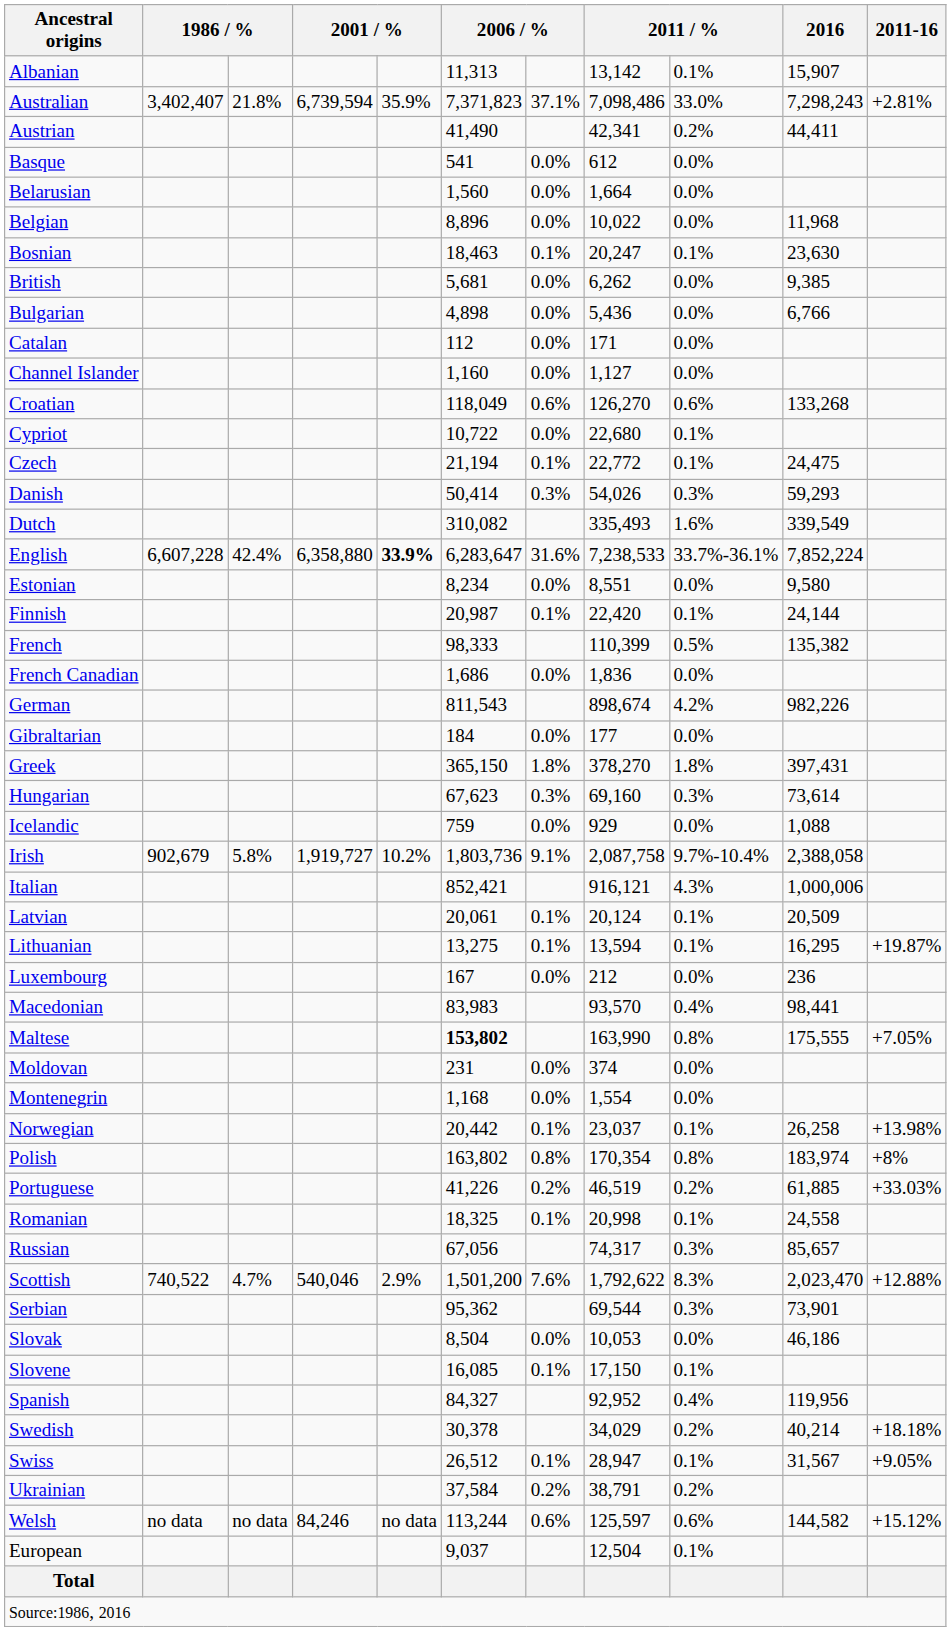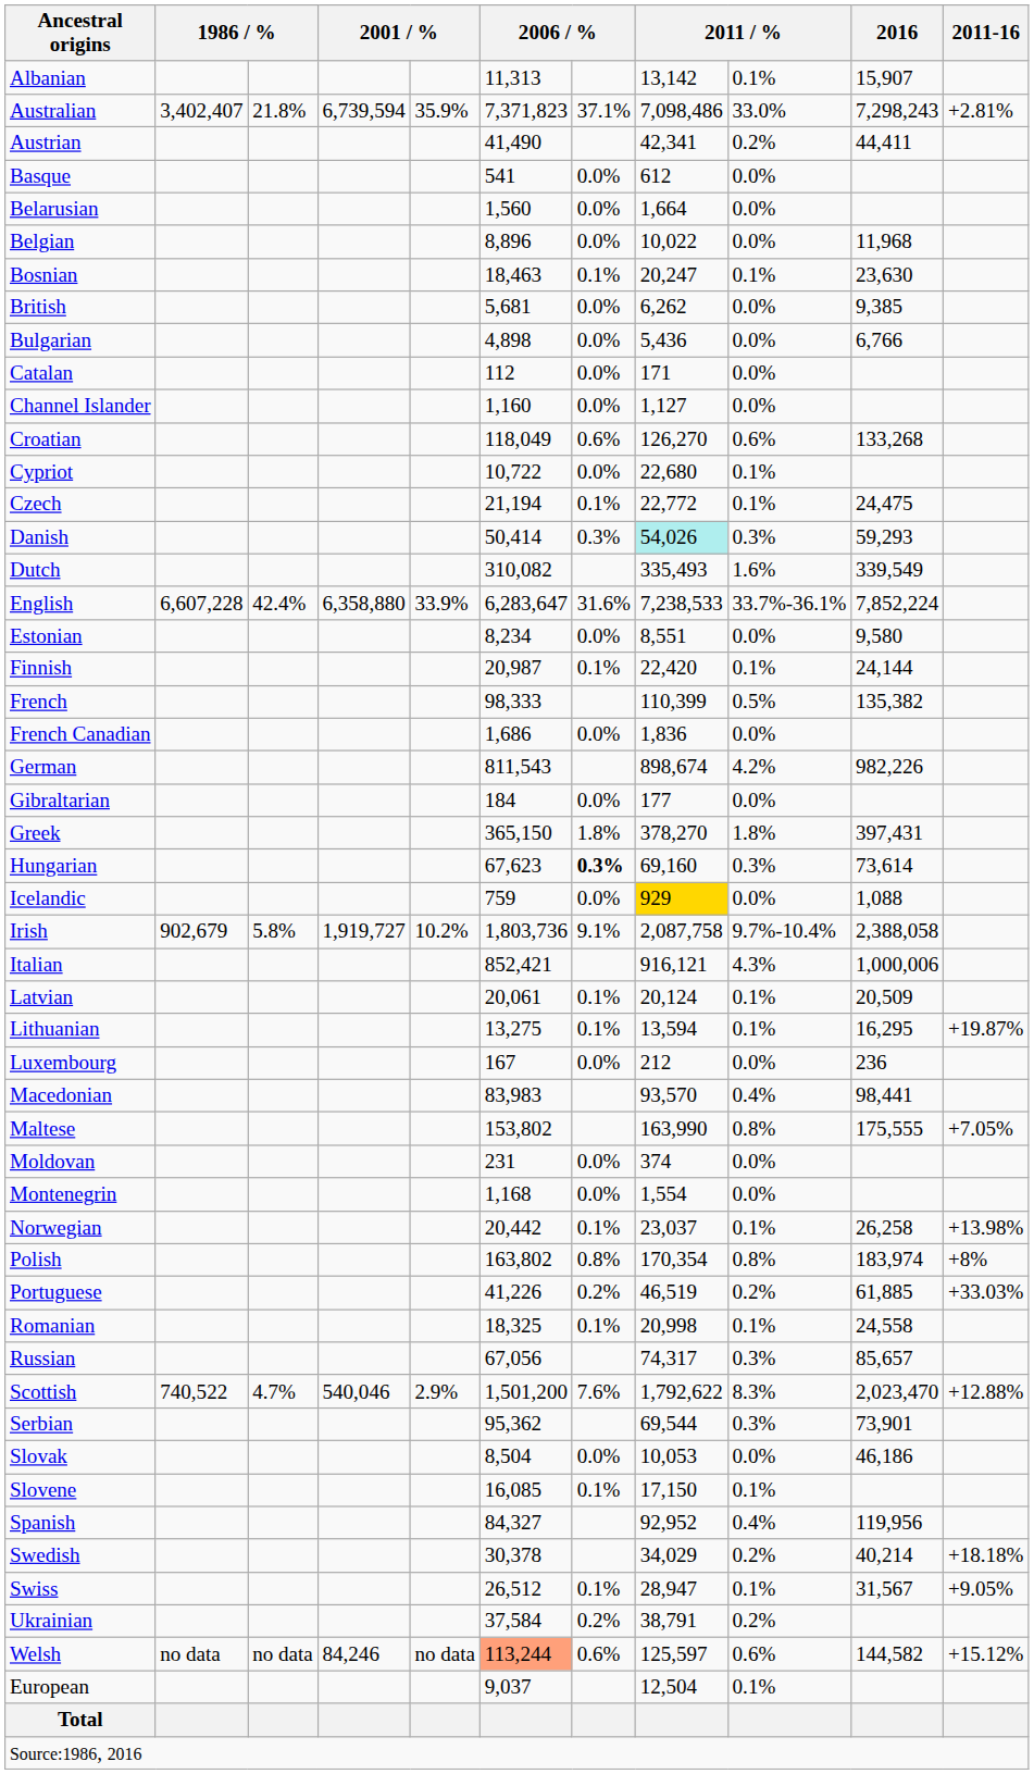 <table class="wikitable sortable" font-size:90%;">
 <tr>
 <th>Ancestral <br>origins</th>
 <th colspan="2">1986 / %</th>
 <th colspan="2">2001 / %</th>
 <th colspan="2">2006 / %</th>
 <th colspan="2">2011 / %</th>
 <th colspan="1">2016</th>
 <th change>2011-16</th>
 </tr>
 <tr>
 <td> <a href='#'>Albanian</a></td>
 <td></td>
 <td></td>
 <td></td>
 <td></td>
 <td>11,313</td>
 <td></td>
 <td>13,142</td>
 <td>0.1%</td>
 <td>15,907</td>
 <td></td>
 </tr>
 <tr>
 <td> <a href='#'>Australian</a></td>
 <td>3,402,407</td>
 <td>21.8%</td>
 <td>6,739,594</td>
 <td>35.9%</td>
 <td>7,371,823</td>
 <td>37.1%</td>
 <td>7,098,486</td>
 <td>33.0%</td>
 <td>7,298,243</td>
 <td>+2.81%</td>
 </tr>
 <tr>
 <td> <a href='#'>Austrian</a></td>
 <td></td>
 <td></td>
 <td></td>
 <td></td>
 <td>41,490</td>
 <td></td>
 <td>42,341</td>
 <td>0.2%</td>
 <td>44,411</td>
 <td></td>
 </tr>
 <tr>
 <td> <a href='#'>Basque</a></td>
 <td></td>
 <td></td>
 <td></td>
 <td></td>
 <td>541</td>
 <td>0.0%</td>
 <td>612</td>
 <td>0.0%</td>
 <td></td>
 <td></td>
 </tr>
 <tr>
 <td> <a href='#'>Belarusian</a></td>
 <td></td>
 <td></td>
 <td></td>
 <td></td>
 <td>1,560</td>
 <td>0.0%</td>
 <td>1,664</td>
 <td>0.0%</td>
 <td></td>
 <td></td>
 </tr>
 <tr>
 <td> <a href='#'>Belgian</a></td>
 <td></td>
 <td></td>
 <td></td>
 <td></td>
 <td>8,896</td>
 <td>0.0%</td>
 <td>10,022</td>
 <td>0.0%</td>
 <td>11,968</td>
 <td></td>
 </tr>
 <tr>
 <td> <a href='#'>Bosnian</a></td>
 <td></td>
 <td></td>
 <td></td>
 <td></td>
 <td>18,463</td>
 <td>0.1%</td>
 <td>20,247</td>
 <td>0.1%</td>
 <td>23,630</td>
 <td></td>
 </tr>
 <tr>
 <td> <a href='#'>British</a></td>
 <td></td>
 <td></td>
 <td></td>
 <td></td>
 <td>5,681</td>
 <td>0.0%</td>
 <td>6,262</td>
 <td>0.0%</td>
 <td>9,385</td>
 <td></td>
 </tr>
 <tr>
 <td> <a href='#'>Bulgarian</a></td>
 <td></td>
 <td></td>
 <td></td>
 <td></td>
 <td>4,898</td>
 <td>0.0%</td>
 <td>5,436</td>
 <td>0.0%</td>
 <td>6,766</td>
 <td></td>
 </tr>
 <tr>
 <td> <a href='#'>Catalan</a></td>
 <td></td>
 <td></td>
 <td></td>
 <td></td>
 <td>112</td>
 <td>0.0%</td>
 <td>171</td>
 <td>0.0%</td>
 <td></td>
 <td></td>
 </tr>
 <tr>
 <td> <a href='#'>Channel Islander</a></td>
 <td></td>
 <td></td>
 <td></td>
 <td></td>
 <td>1,160</td>
 <td>0.0%</td>
 <td>1,127</td>
 <td>0.0%</td>
 <td></td>
 <td></td>
 </tr>
 <tr>
 <td> <a href='#'>Croatian</a></td>
 <td></td>
 <td></td>
 <td></td>
 <td></td>
 <td>118,049</td>
 <td>0.6%</td>
 <td>126,270</td>
 <td>0.6%</td>
 <td>133,268</td>
 <td></td>
 </tr>
 <tr>
 <td> <a href='#'>Cypriot</a></td>
 <td></td>
 <td></td>
 <td></td>
 <td></td>
 <td>10,722</td>
 <td>0.0%</td>
 <td>22,680</td>
 <td>0.1%</td>
 <td></td>
 <td></td>
 </tr>
 <tr>
 <td> <a href='#'>Czech</a></td>
 <td></td>
 <td></td>
 <td></td>
 <td></td>
 <td>21,194</td>
 <td>0.1%</td>
 <td>22,772</td>
 <td>0.1%</td>
 <td>24,475</td>
 <td></td>
 </tr>
 <tr>
 <td> <a href='#'>Danish</a></td>
 <td></td>
 <td></td>
 <td></td>
 <td></td>
 <td>50,414</td>
 <td>0.3%</td>
-<td>54,026</td>
+<td style="background: paleturquoise;">54,026</td>
 <td>0.3%</td>
 <td>59,293</td>
 <td></td>
 </tr>
 <tr>
 <td> <a href='#'>Dutch</a></td>
 <td></td>
 <td></td>
 <td></td>
 <td></td>
 <td>310,082</td>
 <td></td>
 <td>335,493</td>
 <td>1.6%</td>
 <td>339,549</td>
 <td></td>
 </tr>
 <tr>
 <td> <a href='#'>English</a></td>
 <td>6,607,228</td>
 <td>42.4%</td>
 <td>6,358,880</td>
-<td><strong>33.9%</strong></td>
+<td>33.9%</td>
 <td>6,283,647</td>
 <td>31.6%</td>
 <td>7,238,533</td>
 <td>33.7%-36.1%</td>
 <td>7,852,224</td>
 <td></td>
 </tr>
 <tr>
 <td> <a href='#'>Estonian</a></td>
 <td></td>
 <td></td>
 <td></td>
 <td></td>
 <td>8,234</td>
 <td>0.0%</td>
 <td>8,551</td>
 <td>0.0%</td>
 <td>9,580</td>
 <td></td>
 </tr>
 <tr>
 <td> <a href='#'>Finnish</a></td>
 <td></td>
 <td></td>
 <td></td>
 <td></td>
 <td>20,987</td>
 <td>0.1%</td>
 <td>22,420</td>
 <td>0.1%</td>
 <td>24,144</td>
 <td></td>
 </tr>
 <tr>
 <td> <a href='#'>French</a></td>
 <td></td>
 <td></td>
 <td></td>
 <td></td>
 <td>98,333</td>
 <td></td>
 <td>110,399</td>
 <td>0.5%</td>
 <td>135,382</td>
 <td></td>
 </tr>
 <tr>
 <td> <a href='#'>French Canadian</a></td>
 <td></td>
 <td></td>
 <td></td>
 <td></td>
 <td>1,686</td>
 <td>0.0%</td>
 <td>1,836</td>
 <td>0.0%</td>
 <td></td>
 <td></td>
 </tr>
 <tr>
 <td> <a href='#'>German</a></td>
 <td></td>
 <td></td>
 <td></td>
 <td></td>
 <td>811,543</td>
 <td></td>
 <td>898,674</td>
 <td>4.2%</td>
 <td>982,226</td>
 <td></td>
 </tr>
 <tr>
 <td> <a href='#'>Gibraltarian</a></td>
 <td></td>
 <td></td>
 <td></td>
 <td></td>
 <td>184</td>
 <td>0.0%</td>
 <td>177</td>
 <td>0.0%</td>
 <td></td>
 <td></td>
 </tr>
 <tr>
 <td> <a href='#'>Greek</a></td>
 <td></td>
 <td></td>
 <td></td>
 <td></td>
 <td>365,150</td>
 <td>1.8%</td>
 <td>378,270</td>
 <td>1.8%</td>
 <td>397,431</td>
 <td></td>
 </tr>
 <tr>
 <td> <a href='#'>Hungarian</a></td>
 <td></td>
 <td></td>
 <td></td>
 <td></td>
 <td>67,623</td>
-<td>0.3%</td>
+<td><strong>0.3%</strong></td>
 <td>69,160</td>
 <td>0.3%</td>
 <td>73,614</td>
 <td></td>
 </tr>
 <tr>
 <td> <a href='#'>Icelandic</a></td>
 <td></td>
 <td></td>
 <td></td>
 <td></td>
 <td>759</td>
 <td>0.0%</td>
-<td>929</td>
+<td style="background: gold;">929</td>
 <td>0.0%</td>
 <td>1,088</td>
 <td></td>
 </tr>
 <tr>
 <td> <a href='#'>Irish</a></td>
 <td>902,679</td>
 <td>5.8%</td>
 <td>1,919,727</td>
 <td>10.2%</td>
 <td>1,803,736</td>
 <td>9.1%</td>
 <td>2,087,758</td>
 <td>9.7%-10.4%</td>
 <td>2,388,058</td>
 <td></td>
 </tr>
 <tr>
 <td> <a href='#'>Italian</a></td>
 <td></td>
 <td></td>
 <td></td>
 <td></td>
 <td>852,421</td>
 <td></td>
 <td>916,121</td>
 <td>4.3%</td>
 <td>1,000,006</td>
 <td></td>
 </tr>
 <tr>
 <td> <a href='#'>Latvian</a></td>
 <td></td>
 <td></td>
 <td></td>
 <td></td>
 <td>20,061</td>
 <td>0.1%</td>
 <td>20,124</td>
 <td>0.1%</td>
 <td>20,509</td>
 <td></td>
 </tr>
 <tr>
 <td> <a href='#'>Lithuanian</a></td>
 <td></td>
 <td></td>
 <td></td>
 <td></td>
 <td>13,275</td>
 <td>0.1%</td>
 <td>13,594</td>
 <td>0.1%</td>
 <td>16,295</td>
 <td>+19.87%</td>
 </tr>
 <tr>
 <td> <a href='#'>Luxembourg</a></td>
 <td></td>
 <td></td>
 <td></td>
 <td></td>
 <td>167</td>
 <td>0.0%</td>
 <td>212</td>
 <td>0.0%</td>
 <td>236</td>
 <td></td>
 </tr>
 <tr>
 <td> <a href='#'>Macedonian</a></td>
 <td></td>
 <td></td>
 <td></td>
 <td></td>
 <td>83,983</td>
 <td></td>
 <td>93,570</td>
 <td>0.4%</td>
 <td>98,441</td>
 <td></td>
 </tr>
 <tr>
 <td> <a href='#'>Maltese</a></td>
 <td></td>
 <td></td>
 <td></td>
 <td></td>
-<td><strong>153,802</strong></td>
+<td>153,802</td>
 <td></td>
 <td>163,990</td>
 <td>0.8%</td>
 <td>175,555</td>
 <td>+7.05%</td>
 </tr>
 <tr>
 <td> <a href='#'>Moldovan</a></td>
 <td></td>
 <td></td>
 <td></td>
 <td></td>
 <td>231</td>
 <td>0.0%</td>
 <td>374</td>
 <td>0.0%</td>
 <td></td>
 <td></td>
 </tr>
 <tr>
 <td> <a href='#'>Montenegrin</a></td>
 <td></td>
 <td></td>
 <td></td>
 <td></td>
 <td>1,168</td>
 <td>0.0%</td>
 <td>1,554</td>
 <td>0.0%</td>
 <td></td>
 <td></td>
 </tr>
 <tr>
 <td> <a href='#'>Norwegian</a></td>
 <td></td>
 <td></td>
 <td></td>
 <td></td>
 <td>20,442</td>
 <td>0.1%</td>
 <td>23,037</td>
 <td>0.1%</td>
 <td>26,258</td>
 <td>+13.98%</td>
 </tr>
 <tr>
 <td> <a href='#'>Polish</a></td>
 <td></td>
 <td></td>
 <td></td>
 <td></td>
 <td>163,802</td>
 <td>0.8%</td>
 <td>170,354</td>
 <td>0.8%</td>
 <td>183,974</td>
 <td>+8%</td>
 </tr>
 <tr>
 <td> <a href='#'>Portuguese</a></td>
 <td></td>
 <td></td>
 <td></td>
 <td></td>
 <td>41,226</td>
 <td>0.2%</td>
 <td>46,519</td>
 <td>0.2%</td>
 <td>61,885</td>
 <td>+33.03%</td>
 </tr>
 <tr>
 <td> <a href='#'>Romanian</a></td>
 <td></td>
 <td></td>
 <td></td>
 <td></td>
 <td>18,325</td>
 <td>0.1%</td>
 <td>20,998</td>
 <td>0.1%</td>
 <td>24,558</td>
 <td></td>
 </tr>
 <tr>
 <td> <a href='#'>Russian</a></td>
 <td></td>
 <td></td>
 <td></td>
 <td></td>
 <td>67,056</td>
 <td></td>
 <td>74,317</td>
 <td>0.3%</td>
 <td>85,657</td>
 <td></td>
 </tr>
 <tr>
 <td> <a href='#'>Scottish</a></td>
 <td>740,522</td>
 <td>4.7%</td>
 <td>540,046</td>
 <td>2.9%</td>
 <td>1,501,200</td>
 <td>7.6%</td>
 <td>1,792,622</td>
 <td>8.3%</td>
 <td>2,023,470</td>
 <td>+12.88%</td>
 </tr>
 <tr>
 <td> <a href='#'>Serbian</a></td>
 <td></td>
 <td></td>
 <td></td>
 <td></td>
 <td>95,362</td>
 <td></td>
 <td>69,544</td>
 <td>0.3%</td>
 <td>73,901</td>
 <td></td>
 </tr>
 <tr>
 <td> <a href='#'>Slovak</a></td>
 <td></td>
 <td></td>
 <td></td>
 <td></td>
 <td>8,504</td>
 <td>0.0%</td>
 <td>10,053</td>
 <td>0.0%</td>
 <td>46,186</td>
 <td></td>
 </tr>
 <tr>
 <td> <a href='#'>Slovene</a></td>
 <td></td>
 <td></td>
 <td></td>
 <td></td>
 <td>16,085</td>
 <td>0.1%</td>
 <td>17,150</td>
 <td>0.1%</td>
 <td></td>
 <td></td>
 </tr>
 <tr>
 <td> <a href='#'>Spanish</a></td>
 <td></td>
 <td></td>
 <td></td>
 <td></td>
 <td>84,327</td>
 <td></td>
 <td>92,952</td>
 <td>0.4%</td>
 <td>119,956</td>
 <td></td>
 </tr>
 <tr>
 <td> <a href='#'>Swedish</a></td>
 <td></td>
 <td></td>
 <td></td>
 <td></td>
 <td>30,378</td>
 <td></td>
 <td>34,029</td>
 <td>0.2%</td>
 <td>40,214</td>
 <td>+18.18%</td>
 </tr>
 <tr>
 <td> <a href='#'>Swiss</a></td>
 <td></td>
 <td></td>
 <td></td>
 <td></td>
 <td>26,512</td>
 <td>0.1%</td>
 <td>28,947</td>
 <td>0.1%</td>
 <td>31,567</td>
 <td>+9.05%</td>
 </tr>
 <tr>
 <td> <a href='#'>Ukrainian</a></td>
 <td></td>
 <td></td>
 <td></td>
 <td></td>
 <td>37,584</td>
 <td>0.2%</td>
 <td>38,791</td>
 <td>0.2%</td>
 <td></td>
 <td></td>
 </tr>
 <tr>
 <td> <a href='#'>Welsh</a></td>
 <td>no data</td>
 <td>no data</td>
 <td>84,246</td>
 <td>no data</td>
-<td>113,244</td>
+<td style="background: lightsalmon;">113,244</td>
 <td>0.6%</td>
 <td>125,597</td>
 <td>0.6%</td>
 <td>144,582</td>
 <td>+15.12%</td>
 </tr>
 <tr>
 <td> European</td>
 <td></td>
 <td></td>
 <td></td>
 <td></td>
 <td>9,037</td>
 <td></td>
 <td>12,504</td>
 <td>0.1%</td>
 <td></td>
 <td></td>
 </tr>
 <tr class="sortbottom">
 <th>Total</th>
 <th></th>
 <th></th>
 <th></th>
 <th></th>
 <th></th>
 <th></th>
 <th></th>
 <th></th>
 <th></th>
 <th></th>
 </tr>
 <tr>
 <td colspan="15" style="text-align:left;"><small>Source:1986</small>, <small>2016</small></td>
 </tr>
 </table>
